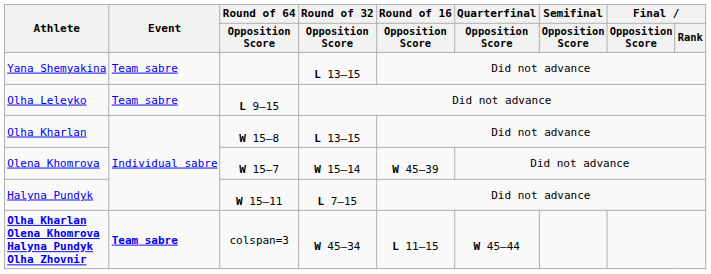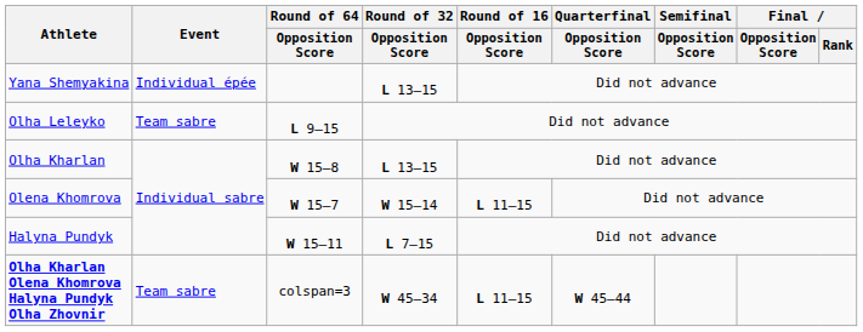 <table class="wikitable" style="font-size:90%">
 <tr>
 <th rowspan="2">Athlete</th>
 <th rowspan="2">Event</th>
 <th>Round of 64</th>
 <th>Round of 32</th>
 <th>Round of 16</th>
 <th>Quarterfinal</th>
 <th>Semifinal</th>
 <th colspan=2>Final / </th>
 </tr>
 <tr style="font-size:95%">
 <th>Opposition <br> Score</th>
 <th>Opposition <br> Score</th>
 <th>Opposition <br> Score</th>
 <th>Opposition <br> Score</th>
 <th>Opposition <br> Score</th>
 <th>Opposition <br> Score</th>
 <th>Rank</th>
 </tr>
 <tr align=center>
 <td align=left><a href='#'>Yana Shemyakina</a></td>
-<td align=left><a href='#'>Team sabre</a></td>
+<td align=left><a href='#'>Individual épée</a></td>
 <td></td>
 <td> <br> <strong>L</strong> 13–15</td>
 <td colspan=5>Did not advance</td>
 </tr>
 <tr align=center>
 <td align=left><a href='#'>Olha Leleyko</a></td>
 <td align=left><a href='#'>Team sabre</a></td>
 <td> <br> <strong>L</strong> 9–15</td>
 <td colspan=6>Did not advance</td>
 </tr>
 <tr align=center>
 <td align=left><a href='#'>Olha Kharlan</a></td>
 <td align=left rowspan=3><a href='#'>Individual sabre</a></td>
 <td> <br> <strong>W</strong> 15–8</td>
 <td> <br> <strong>L</strong> 13–15</td>
 <td colspan=5>Did not advance</td>
 </tr>
 <tr align=center>
 <td align=left><a href='#'>Olena Khomrova</a></td>
 <td> <br> <strong>W</strong> 15–7</td>
 <td align=center> <br> <strong>W</strong> 15–14</td>
-<td><br><strong>W</strong> 45–39</td>
+<td align=center> <br> <strong>L</strong> 11–15</td>
 <td colspan=4>Did not advance</td>
 </tr>
 <tr align=center>
 <td align=left><a href='#'>Halyna Pundyk</a></td>
 <td align=center> <br> <strong>W</strong> 15–11</td>
 <td> <br> <strong>L</strong> 7–15</td>
 <td colspan=5>Did not advance</td>
 </tr>
 <tr align=center>
 <td align=left><strong><a href='#'>Olha Kharlan</a><br><a href='#'>Olena Khomrova</a><br><a href='#'>Halyna Pundyk</a><br><a href='#'>Olha Zhovnir</a></strong></td>
-<td align=left><strong><a href='#'>Team sabre</a></strong></td>
+<td align=left><a href='#'>Team sabre</a></td>
 <td>colspan=3 </td>
 <td><br><strong>W</strong> 45–34</td>
 <td align=center> <br> <strong>L</strong> 11–15</td>
 <td><br><strong>W</strong> 45–44</td>
 <td></td>
 </tr>
 </table>
